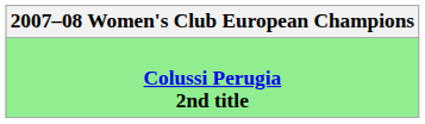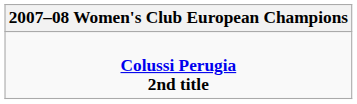 <table class=wikitable style="text-align:center; margin:auto">
 <tr>
 <th>2007–08 Women's Club European Champions</th>
 </tr>
 <tr>
-<td style="background: lightgreen;"><br><strong><a href='#'>Colussi Perugia</a></strong><br><strong>2nd title</strong></td>
+<td><br><strong><a href='#'>Colussi Perugia</a></strong><br><strong>2nd title</strong></td>
 </tr>
 </table>
